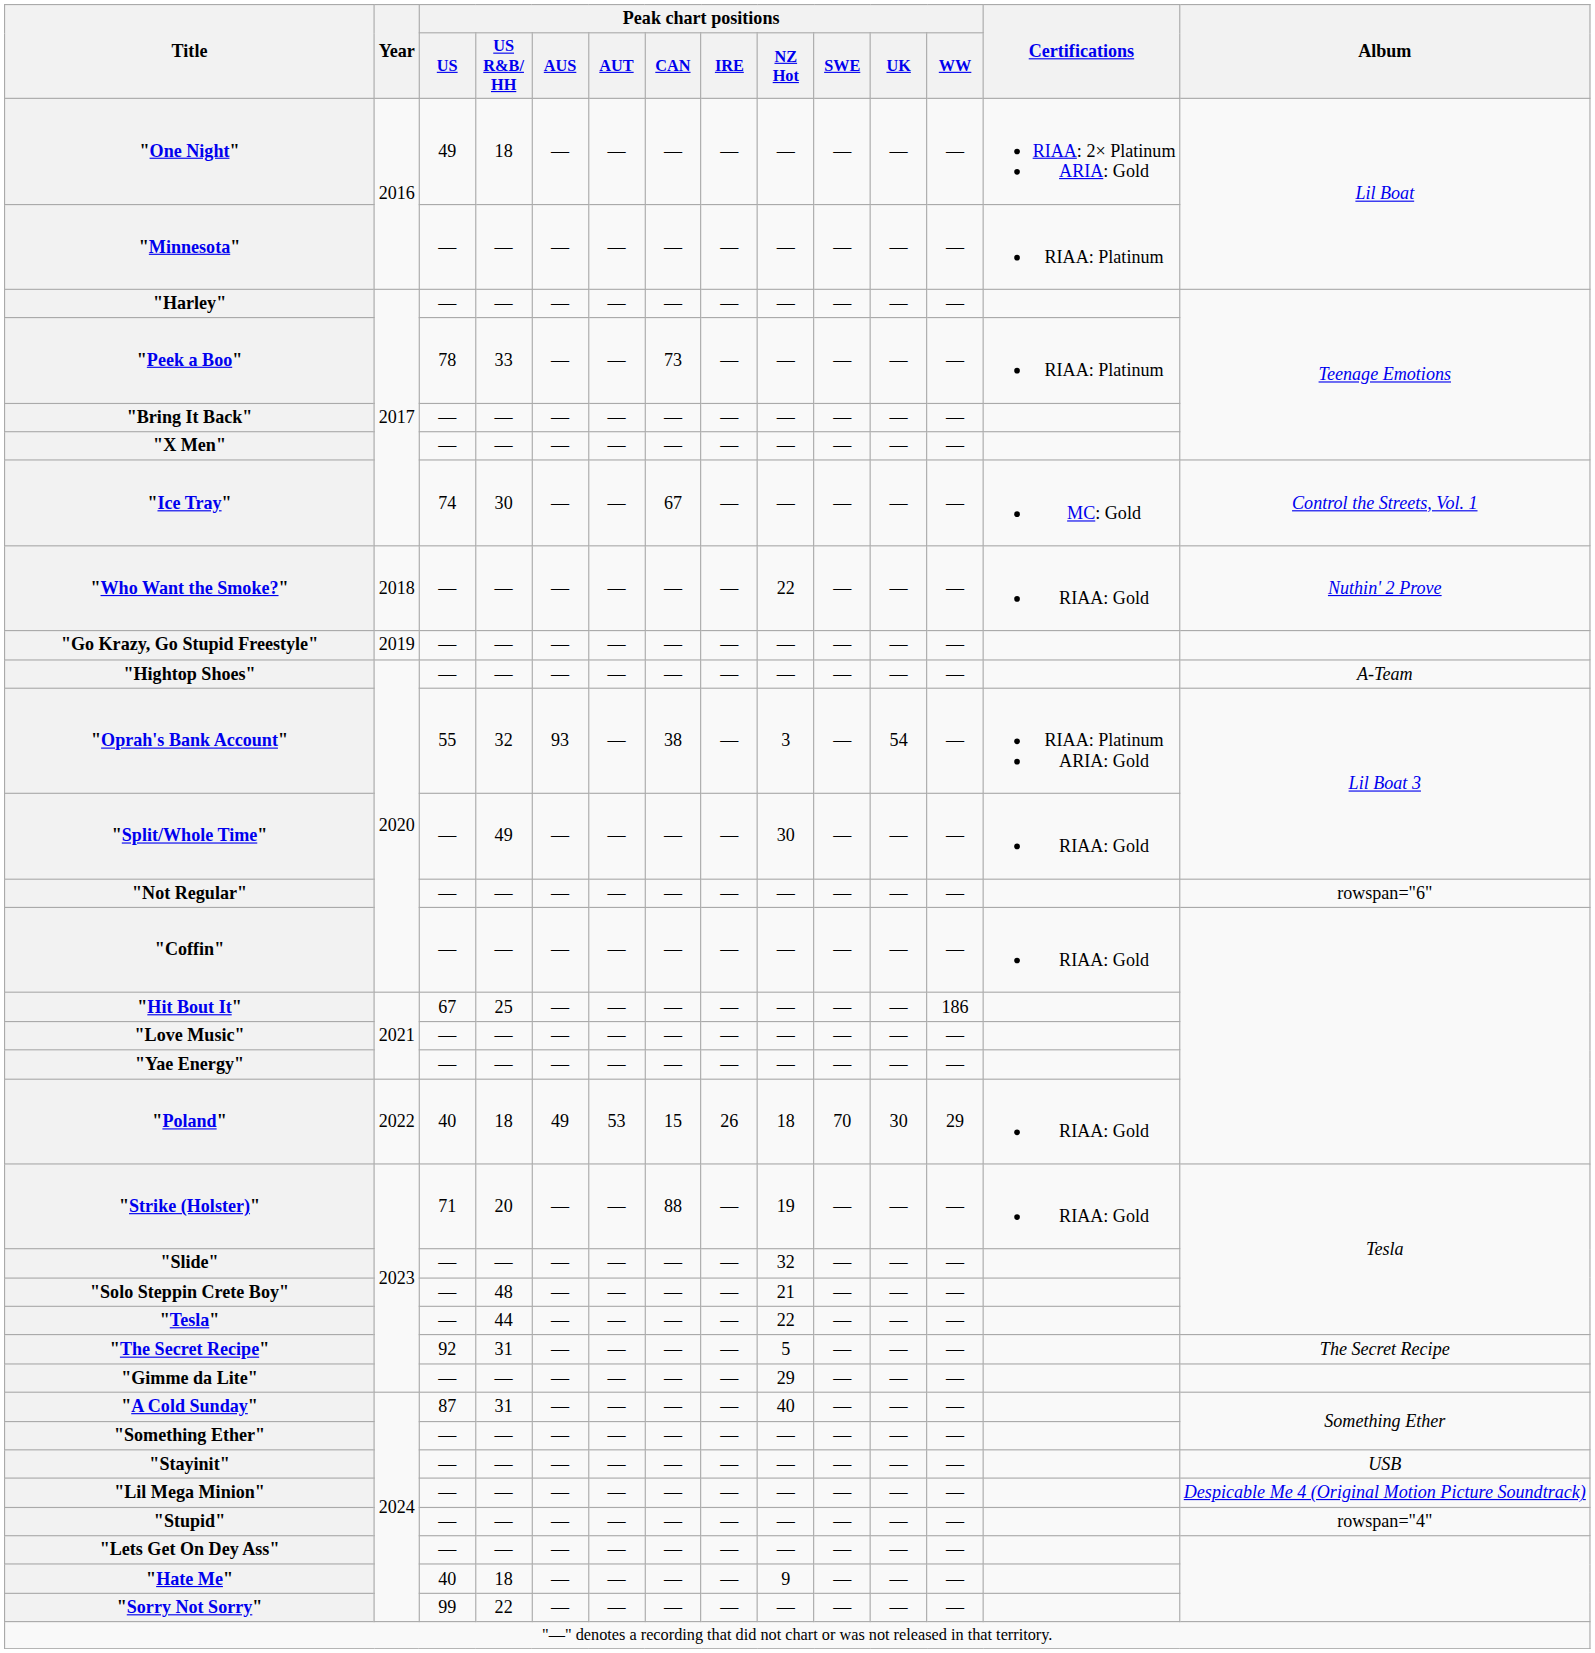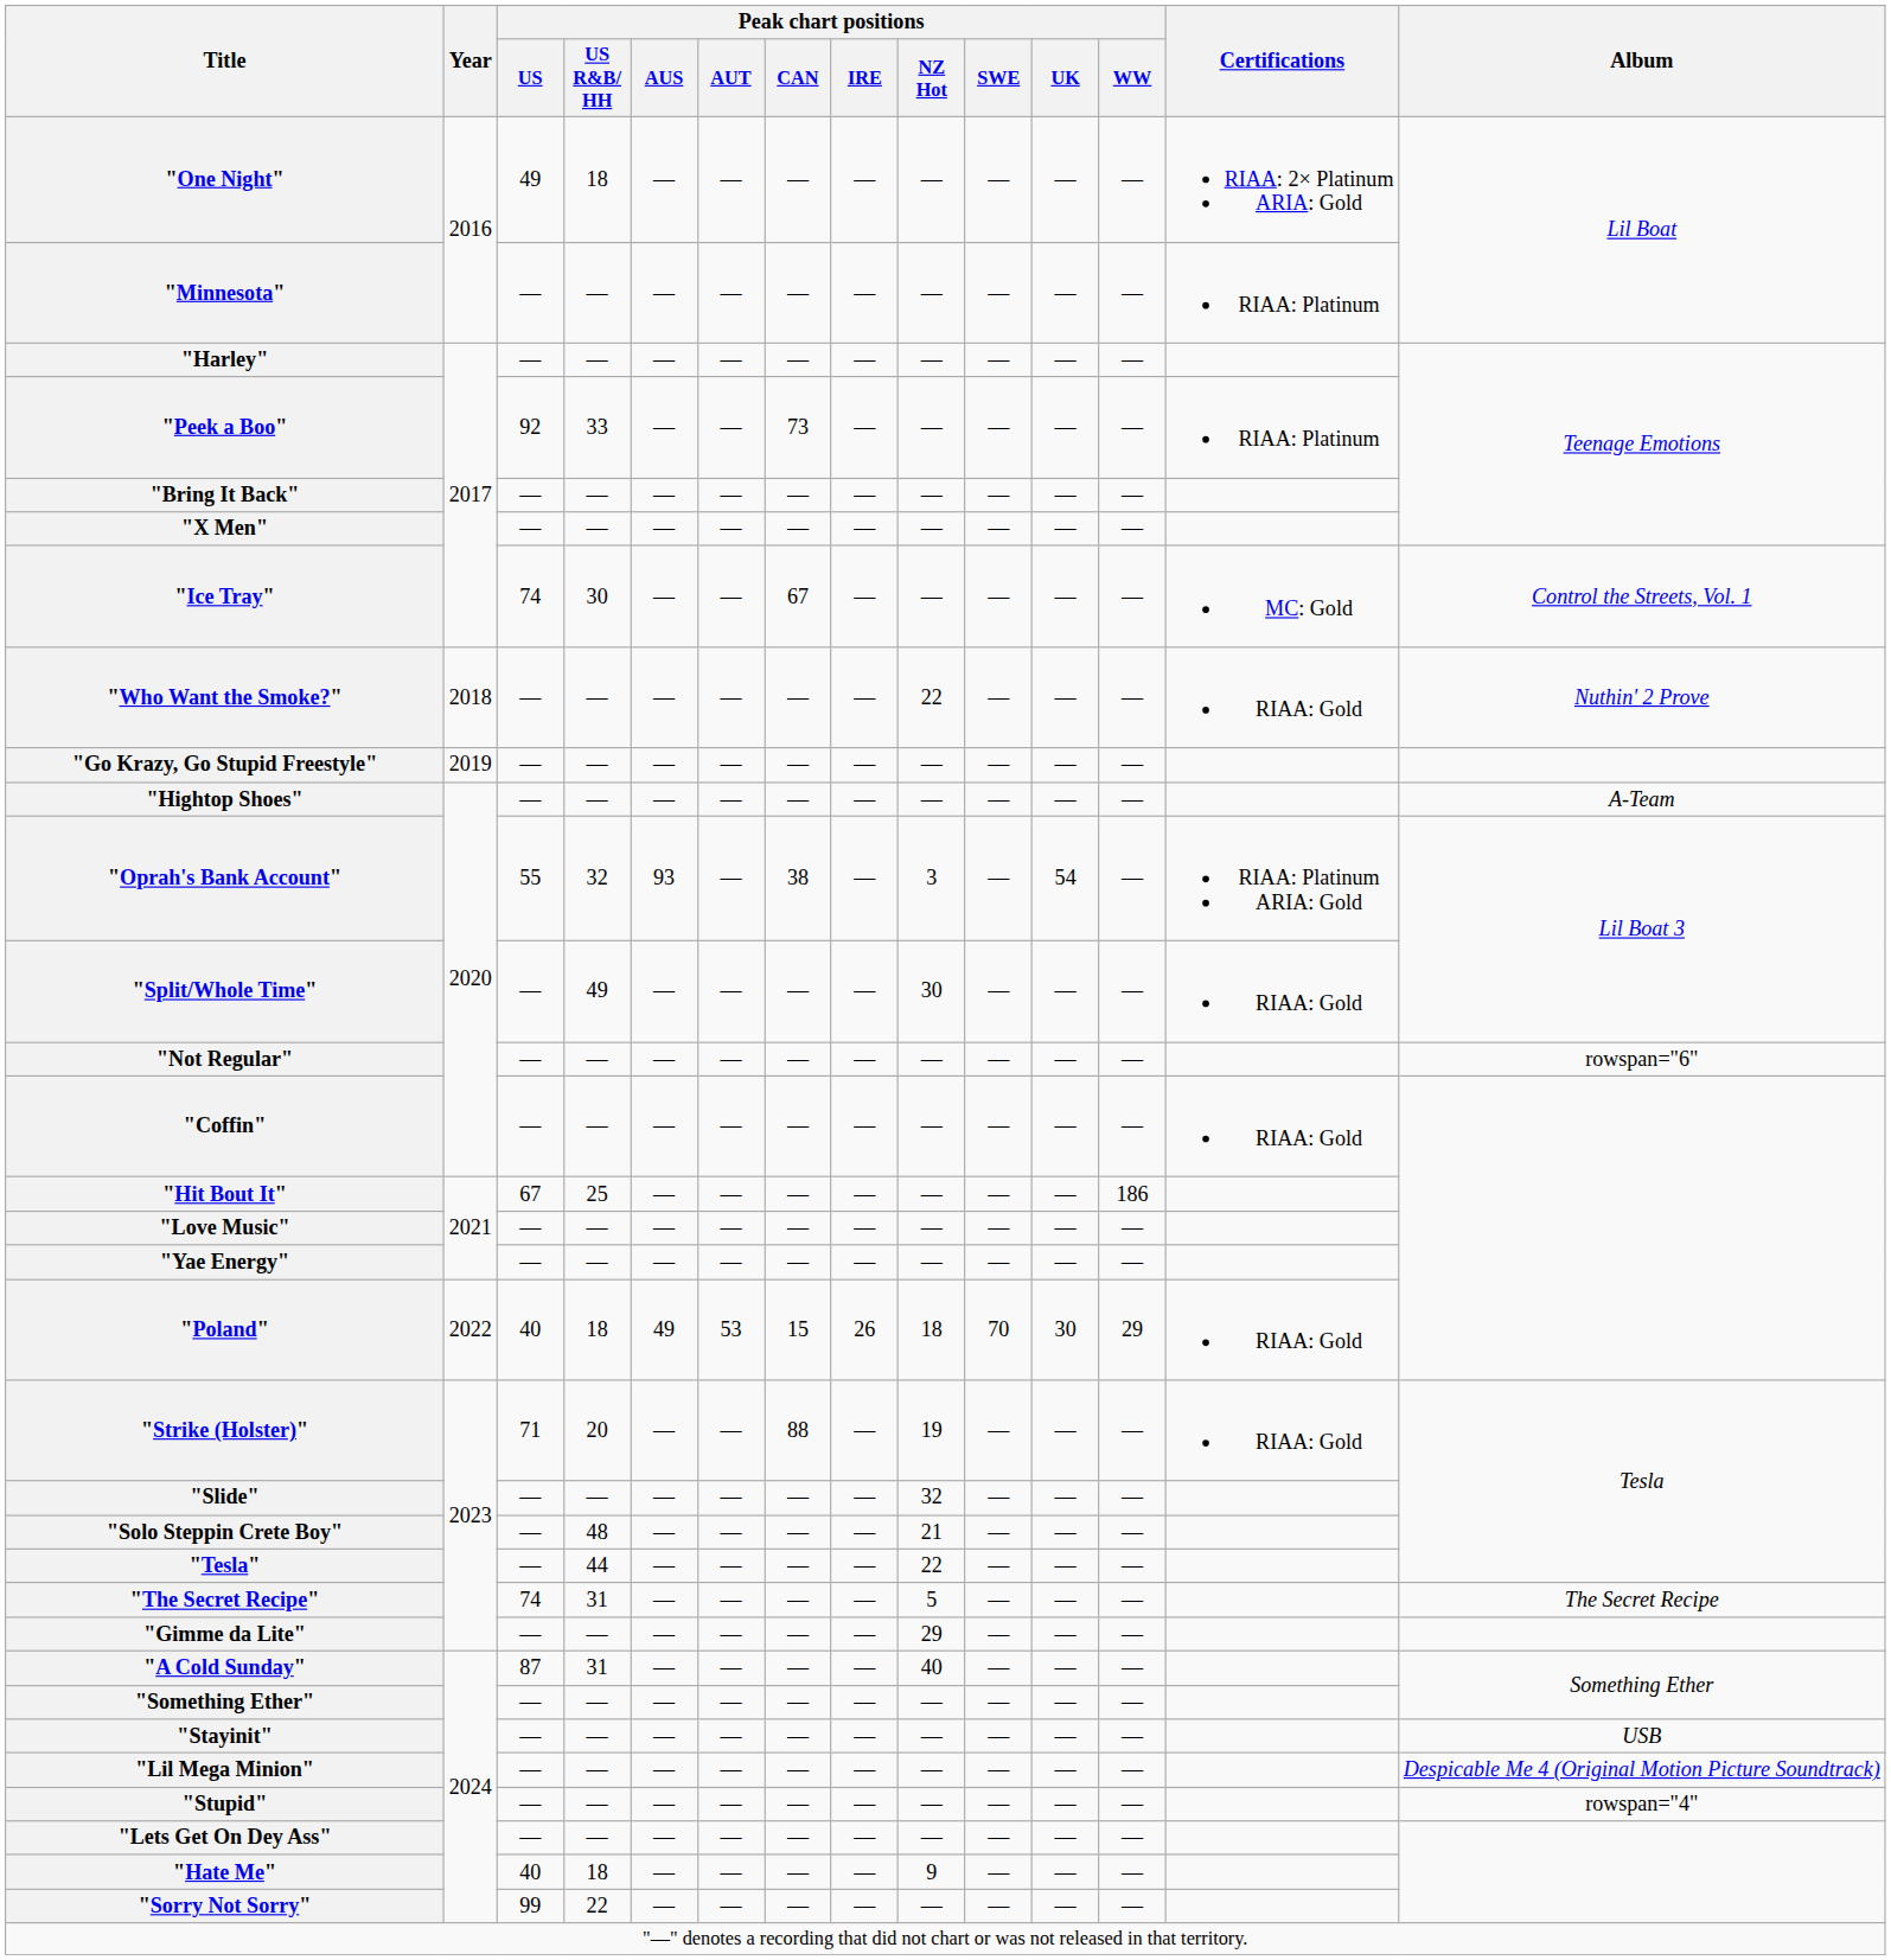 <table class="wikitable plainrowheaders" style="text-align:center;">
 <tr>
 <th scope="col" rowspan="2" style="width:20em;">Title</th>
 <th scope="col" rowspan="2" style="width:1em;">Year</th>
 <th scope="col" colspan="10">Peak chart positions</th>
 <th scope="col" rowspan="2"><a href='#'>Certifications</a></th>
 <th rowspan="2">Album</th>
 </tr>
 <tr>
 <th scope="col" style="width:3em;font-size:90%;"><a href='#'>US</a><br></th>
 <th scope="col" style="width:3em;font-size:90%;"><a href='#'>US<br>R&B/<br>HH</a><br></th>
 <th scope="col" style="width:3em;font-size:90%;"><a href='#'>AUS</a><br></th>
 <th scope="col" style="width:3em;font-size:90%;"><a href='#'>AUT</a><br></th>
 <th scope="col" style="width:3em;font-size:90%;"><a href='#'>CAN</a><br></th>
 <th scope="col" style="width:3em;font-size:90%;"><a href='#'>IRE</a><br></th>
 <th scope="col" style="width:3em;font-size:90%;"><a href='#'>NZ<br>Hot</a><br></th>
 <th scope="col" style="width:3em;font-size:90%;"><a href='#'>SWE</a><br></th>
 <th scope="col" style="width:3em;font-size:90%;"><a href='#'>UK</a><br></th>
 <th scope="col" style="width:3em;font-size:90%;"><a href='#'>WW</a><br></th>
 </tr>
 <tr>
 <th scope="row">"<a href='#'>One Night</a>"</th>
 <td rowspan="2">2016</td>
 <td>49</td>
 <td>18</td>
 <td>—</td>
 <td>—</td>
 <td>—</td>
 <td>—</td>
 <td>—</td>
 <td>—</td>
 <td>—</td>
 <td>—</td>
 <td><br><ul><li><a href='#'>RIAA</a>: 2× Platinum</li><li><a href='#'>ARIA</a>: Gold</li></ul></td>
 <td rowspan="2"><em><a href='#'>Lil Boat</a></em></td>
 </tr>
 <tr>
 <th scope="row">"<a href='#'>Minnesota</a>"<br></th>
 <td>—</td>
 <td>—</td>
 <td>—</td>
 <td>—</td>
 <td>—</td>
 <td>—</td>
 <td>—</td>
 <td>—</td>
 <td>—</td>
 <td>—</td>
 <td><br><ul><li>RIAA: Platinum</li></ul></td>
 </tr>
 <tr>
 <th scope="row">"Harley"</th>
 <td rowspan="5">2017</td>
 <td>—</td>
 <td>—</td>
 <td>—</td>
 <td>—</td>
 <td>—</td>
 <td>—</td>
 <td>—</td>
 <td>—</td>
 <td>—</td>
 <td>—</td>
 <td></td>
 <td rowspan="4"><em><a href='#'>Teenage Emotions</a></em></td>
 </tr>
 <tr>
 <th scope="row">"<a href='#'>Peek a Boo</a>"<br></th>
-<td>78</td>
+<td>92</td>
 <td>33</td>
 <td>—</td>
 <td>—</td>
 <td>73</td>
 <td>—</td>
 <td>—</td>
 <td>—</td>
 <td>—</td>
 <td>—</td>
 <td><br><ul><li>RIAA: Platinum</li></ul></td>
 </tr>
 <tr>
 <th scope="row">"Bring It Back"</th>
 <td>—</td>
 <td>—</td>
 <td>—</td>
 <td>—</td>
 <td>—</td>
 <td>—</td>
 <td>—</td>
 <td>—</td>
 <td>—</td>
 <td>—</td>
 <td></td>
 </tr>
 <tr>
 <th scope="row">"X Men"<br></th>
 <td>—</td>
 <td>—</td>
 <td>—</td>
 <td>—</td>
 <td>—</td>
 <td>—</td>
 <td>—</td>
 <td>—</td>
 <td>—</td>
 <td>—</td>
 <td></td>
 </tr>
 <tr>
 <th scope="row">"<a href='#'>Ice Tray</a>"<br></th>
 <td>74</td>
 <td>30</td>
 <td>—</td>
 <td>—</td>
 <td>67</td>
 <td>—</td>
 <td>—</td>
 <td>—</td>
 <td>—</td>
 <td>—</td>
 <td><br><ul><li><a href='#'>MC</a>: Gold</li></ul></td>
 <td><em><a href='#'>Control the Streets, Vol. 1</a></em></td>
 </tr>
 <tr>
 <th scope="row">"<a href='#'>Who Want the Smoke?</a>"<br></th>
 <td>2018</td>
 <td>—</td>
 <td>—</td>
 <td>—</td>
 <td>—</td>
 <td>—</td>
 <td>—</td>
 <td>22</td>
 <td>—</td>
 <td>—</td>
 <td>—</td>
 <td><br><ul><li>RIAA: Gold</li></ul></td>
 <td><em><a href='#'>Nuthin' 2 Prove</a></em></td>
 </tr>
 <tr>
 <th scope="row">"Go Krazy, Go Stupid Freestyle"</th>
 <td>2019</td>
 <td>—</td>
 <td>—</td>
 <td>—</td>
 <td>—</td>
 <td>—</td>
 <td>—</td>
 <td>—</td>
 <td>—</td>
 <td>—</td>
 <td>—</td>
 <td></td>
 <td></td>
 </tr>
 <tr>
 <th scope="row">"Hightop Shoes"<br></th>
 <td rowspan="5">2020</td>
 <td>—</td>
 <td>—</td>
 <td>—</td>
 <td>—</td>
 <td>—</td>
 <td>—</td>
 <td>—</td>
 <td>—</td>
 <td>—</td>
 <td>—</td>
 <td></td>
 <td><em>A-Team</em></td>
 </tr>
 <tr>
 <th scope="row">"<a href='#'>Oprah's Bank Account</a>"<br></th>
 <td>55</td>
 <td>32</td>
 <td>93</td>
 <td>—</td>
 <td>38</td>
 <td>—</td>
 <td>3</td>
 <td>—</td>
 <td>54</td>
 <td>—</td>
 <td><br><ul><li>RIAA: Platinum</li><li>ARIA: Gold</li></ul></td>
 <td rowspan="2"><em><a href='#'>Lil Boat 3</a></em></td>
 </tr>
 <tr>
 <th scope="row">"<a href='#'>Split/Whole Time</a>"</th>
 <td>—</td>
 <td>49</td>
 <td>—</td>
 <td>—</td>
 <td>—</td>
 <td>—</td>
 <td>30</td>
 <td>—</td>
 <td>—</td>
 <td>—</td>
 <td><br><ul><li>RIAA: Gold</li></ul></td>
 </tr>
 <tr>
 <th scope="row">"Not Regular"<br></th>
 <td>—</td>
 <td>—</td>
 <td>—</td>
 <td>—</td>
 <td>—</td>
 <td>—</td>
 <td>—</td>
 <td>—</td>
 <td>—</td>
 <td>—</td>
 <td></td>
 <td>rowspan="6" </td>
 </tr>
 <tr>
 <th scope="row">"Coffin"</th>
 <td>—</td>
 <td>—</td>
 <td>—</td>
 <td>—</td>
 <td>—</td>
 <td>—</td>
 <td>—</td>
 <td>—</td>
 <td>—</td>
 <td>—</td>
 <td><br><ul><li>RIAA: Gold</li></ul></td>
 </tr>
 <tr>
 <th scope="row">"<a href='#'>Hit Bout It</a>"<br></th>
 <td rowspan="3">2021</td>
 <td>67</td>
 <td>25</td>
 <td>—</td>
 <td>—</td>
 <td>—</td>
 <td>—</td>
 <td>—</td>
 <td>—</td>
 <td>—</td>
 <td>186</td>
 <td></td>
 </tr>
 <tr>
 <th scope="row">"Love Music"</th>
 <td>—</td>
 <td>—</td>
 <td>—</td>
 <td>—</td>
 <td>—</td>
 <td>—</td>
 <td>—</td>
 <td>—</td>
 <td>—</td>
 <td>—</td>
 <td></td>
 </tr>
 <tr>
 <th scope="row">"Yae Energy"</th>
 <td>—</td>
 <td>—</td>
 <td>—</td>
 <td>—</td>
 <td>—</td>
 <td>—</td>
 <td>—</td>
 <td>—</td>
 <td>—</td>
 <td>—</td>
 <td></td>
 </tr>
 <tr>
 <th scope="row">"<a href='#'>Poland</a>"</th>
 <td>2022</td>
 <td>40</td>
 <td>18</td>
 <td>49</td>
 <td>53</td>
 <td>15</td>
 <td>26</td>
 <td>18</td>
 <td>70</td>
 <td>30</td>
 <td>29</td>
 <td><br><ul><li>RIAA: Gold</li></ul></td>
 </tr>
 <tr>
 <th scope="row">"<a href='#'>Strike (Holster)</a>"</th>
 <td rowspan="6">2023</td>
 <td>71</td>
 <td>20</td>
 <td>—</td>
 <td>—</td>
 <td>88</td>
 <td>—</td>
 <td>19</td>
 <td>—</td>
 <td>—</td>
 <td>—</td>
 <td><br><ul><li>RIAA: Gold</li></ul></td>
 <td rowspan="4"><em>Tesla</em></td>
 </tr>
 <tr>
 <th scope="row">"Slide"</th>
 <td>—</td>
 <td>—</td>
 <td>—</td>
 <td>—</td>
 <td>—</td>
 <td>—</td>
 <td>32</td>
 <td>—</td>
 <td>—</td>
 <td>—</td>
 <td></td>
 </tr>
 <tr>
 <th scope="row">"Solo Steppin Crete Boy"</th>
 <td>—</td>
 <td>48</td>
 <td>—</td>
 <td>—</td>
 <td>—</td>
 <td>—</td>
 <td>21</td>
 <td>—</td>
 <td>—</td>
 <td>—</td>
 <td></td>
 </tr>
 <tr>
 <th scope="row">"<a href='#'>Tesla</a>"</th>
 <td>—</td>
 <td>44</td>
 <td>—</td>
 <td>—</td>
 <td>—</td>
 <td>—</td>
 <td>22</td>
 <td>—</td>
 <td>—</td>
 <td>—</td>
 <td></td>
 </tr>
 <tr>
 <th scope="row">"<a href='#'>The Secret Recipe</a>"<br></th>
-<td>92</td>
+<td>74</td>
 <td>31</td>
 <td>—</td>
 <td>—</td>
 <td>—</td>
 <td>—</td>
 <td>5</td>
 <td>—</td>
 <td>—</td>
 <td>—</td>
 <td></td>
 <td><em>The Secret Recipe</em></td>
 </tr>
 <tr>
 <th scope="row">"Gimme da Lite"<br></th>
 <td>—</td>
 <td>—</td>
 <td>—</td>
 <td>—</td>
 <td>—</td>
 <td>—</td>
 <td>29</td>
 <td>—</td>
 <td>—</td>
 <td>—</td>
 <td></td>
 <td></td>
 </tr>
 <tr>
 <th scope="row">"<a href='#'>A Cold Sunday</a>"</th>
 <td rowspan="8">2024</td>
 <td>87</td>
 <td>31</td>
 <td>—</td>
 <td>—</td>
 <td>—</td>
 <td>—</td>
 <td>40</td>
 <td>—</td>
 <td>—</td>
 <td>—</td>
 <td></td>
 <td rowspan="2"><em>Something Ether</em></td>
 </tr>
 <tr>
 <th scope="row">"Something Ether"</th>
 <td>—</td>
 <td>—</td>
 <td>—</td>
 <td>—</td>
 <td>—</td>
 <td>—</td>
 <td>—</td>
 <td>—</td>
 <td>—</td>
 <td>—</td>
 <td></td>
 </tr>
 <tr>
 <th scope="row">"Stayinit"<br></th>
 <td>—</td>
 <td>—</td>
 <td>—</td>
 <td>—</td>
 <td>—</td>
 <td>—</td>
 <td>—</td>
 <td>—</td>
 <td>—</td>
 <td>—</td>
 <td></td>
 <td><em>USB</em></td>
 </tr>
 <tr>
 <th scope="row">"Lil Mega Minion"</th>
 <td>—</td>
 <td>—</td>
 <td>—</td>
 <td>—</td>
 <td>—</td>
 <td>—</td>
 <td>—</td>
 <td>—</td>
 <td>—</td>
 <td>—</td>
 <td></td>
 <td><em><a href='#'>Despicable Me 4 (Original Motion Picture Soundtrack)</a></em></td>
 </tr>
 <tr>
 <th scope="row">"Stupid"<br></th>
 <td>—</td>
 <td>—</td>
 <td>—</td>
 <td>—</td>
 <td>—</td>
 <td>—</td>
 <td>—</td>
 <td>—</td>
 <td>—</td>
 <td>—</td>
 <td></td>
 <td>rowspan="4" </td>
 </tr>
 <tr>
 <th scope="row">"Lets Get On Dey Ass"</th>
 <td>—</td>
 <td>—</td>
 <td>—</td>
 <td>—</td>
 <td>—</td>
 <td>—</td>
 <td>—</td>
 <td>—</td>
 <td>—</td>
 <td>—</td>
 <td></td>
 </tr>
 <tr>
 <th scope="row">"<a href='#'>Hate Me</a>"<br></th>
 <td>40</td>
 <td>18</td>
 <td>—</td>
 <td>—</td>
 <td>—</td>
 <td>—</td>
 <td>9</td>
 <td>—</td>
 <td>—</td>
 <td>—</td>
 <td></td>
 </tr>
 <tr>
 <th scope="row">"<a href='#'>Sorry Not Sorry</a>"<br></th>
 <td>99</td>
 <td>22</td>
 <td>—</td>
 <td>—</td>
 <td>—</td>
 <td>—</td>
 <td>—</td>
 <td>—</td>
 <td>—</td>
 <td>—</td>
 <td></td>
 </tr>
 <tr>
 <td colspan="14" style="font-size:90%">"—" denotes a recording that did not chart or was not released in that territory.</td>
 </tr>
 </table>
